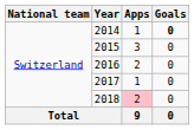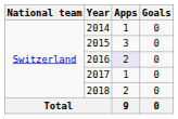 <table class="wikitable" style="text-align:center">
 <tr>
 <th>National team</th>
 <th>Year</th>
 <th>Apps</th>
 <th>Goals</th>
 </tr>
 <tr>
 <td rowspan="5"><a href='#'>Switzerland</a></td>
 <td>2014</td>
 <td>1</td>
-<td><strong>0</strong></td>
+<td>0</td>
 </tr>
 <tr>
 <td>2015</td>
 <td>3</td>
 <td>0</td>
 </tr>
 <tr>
 <td>2016</td>
-<td>2</td>
+<td style="background: lavender;">2</td>
 <td>0</td>
 </tr>
 <tr>
 <td>2017</td>
 <td>1</td>
 <td>0</td>
 </tr>
 <tr>
 <td>2018</td>
-<td style="background: pink;">2</td>
+<td>2</td>
 <td>0</td>
 </tr>
 <tr>
 <th colspan="2">Total</th>
 <th>9</th>
 <th>0</th>
 </tr>
 </table>
